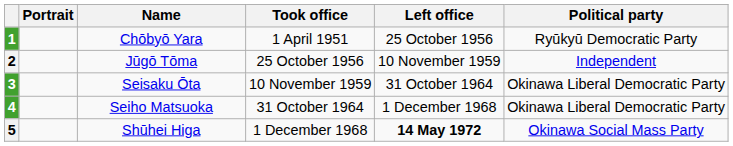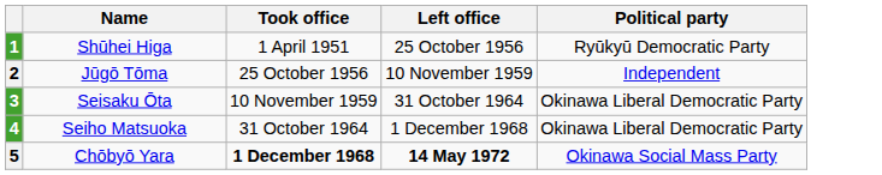 <table class="wikitable" style="text-align:center">
 <tr>
 <th></th>
-<th>Portrait</th>
 <th width=180>Name<br></th>
 <th>Took office</th>
 <th>Left office</th>
 <th>Political party</th>
 </tr>
 <tr>
 <th style="background:#41A12E; color:white;">1</th>
-<td></td>
-<td><a href='#'>Chōbyō Yara</a><br></td>
+<td><a href='#'>Shūhei Higa</a><br></td>
 <td>1 April 1951</td>
 <td>25 October 1956</td>
 <td>Ryūkyū Democratic Party</td>
 </tr>
 <tr>
 <th style="background:">2</th>
-<td></td>
 <td><a href='#'>Jūgō Tōma</a><br></td>
 <td>25 October 1956</td>
 <td>10 November 1959</td>
 <td><a href='#'>Independent</a></td>
 </tr>
 <tr>
 <th style="background:#41A12E; color:white;">3</th>
-<td></td>
 <td><a href='#'>Seisaku Ōta</a><br></td>
 <td>10 November 1959</td>
 <td>31 October 1964</td>
 <td>Okinawa Liberal Democratic Party</td>
 </tr>
 <tr>
 <th style="background:#41A12E; color:white;">4</th>
-<td></td>
 <td><a href='#'>Seiho Matsuoka</a><br></td>
 <td>31 October 1964</td>
 <td>1 December 1968</td>
 <td>Okinawa Liberal Democratic Party</td>
 </tr>
 <tr>
 <th style="background:">5</th>
-<td></td>
-<td><a href='#'>Shūhei Higa</a><br></td>
-<td>1 December 1968</td>
+<td><a href='#'>Chōbyō Yara</a><br></td>
+<td><strong>1 December 1968</strong></td>
 <td><strong>14 May 1972</strong></td>
 <td><a href='#'>Okinawa Social Mass Party</a></td>
 </tr>
 </table>
